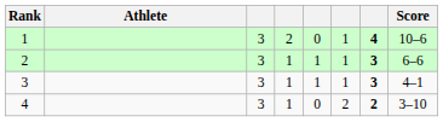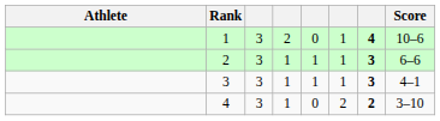 <table class="wikitable" style="text-align: center;">
 <tr>
+<th width=225>Athlete</th>
 <th width=25>Rank</th>
-<th width=225>Athlete</th>
 <th width=25></th>
 <th width=25></th>
 <th width=25></th>
 <th width=25></th>
 <th width=25></th>
 <th width=50>Score</th>
 </tr>
 <tr bgcolor=ccffcc>
+<td align=left></td>
 <td>1</td>
-<td align=left></td>
 <td>3</td>
 <td>2</td>
 <td>0</td>
 <td>1</td>
 <td><strong>4</strong></td>
 <td>10–6</td>
 </tr>
 <tr bgcolor=ccffcc>
+<td align=left></td>
 <td>2</td>
-<td align=left></td>
 <td>3</td>
 <td>1</td>
 <td>1</td>
 <td>1</td>
 <td><strong>3</strong></td>
 <td>6–6</td>
 </tr>
 <tr>
+<td align=left></td>
 <td>3</td>
-<td align=left></td>
 <td>3</td>
 <td>1</td>
 <td>1</td>
 <td>1</td>
 <td><strong>3</strong></td>
 <td>4–1</td>
 </tr>
 <tr>
+<td align=left></td>
 <td>4</td>
-<td align=left></td>
 <td>3</td>
 <td>1</td>
 <td>0</td>
 <td>2</td>
 <td><strong>2</strong></td>
 <td>3–10</td>
 </tr>
 </table>
